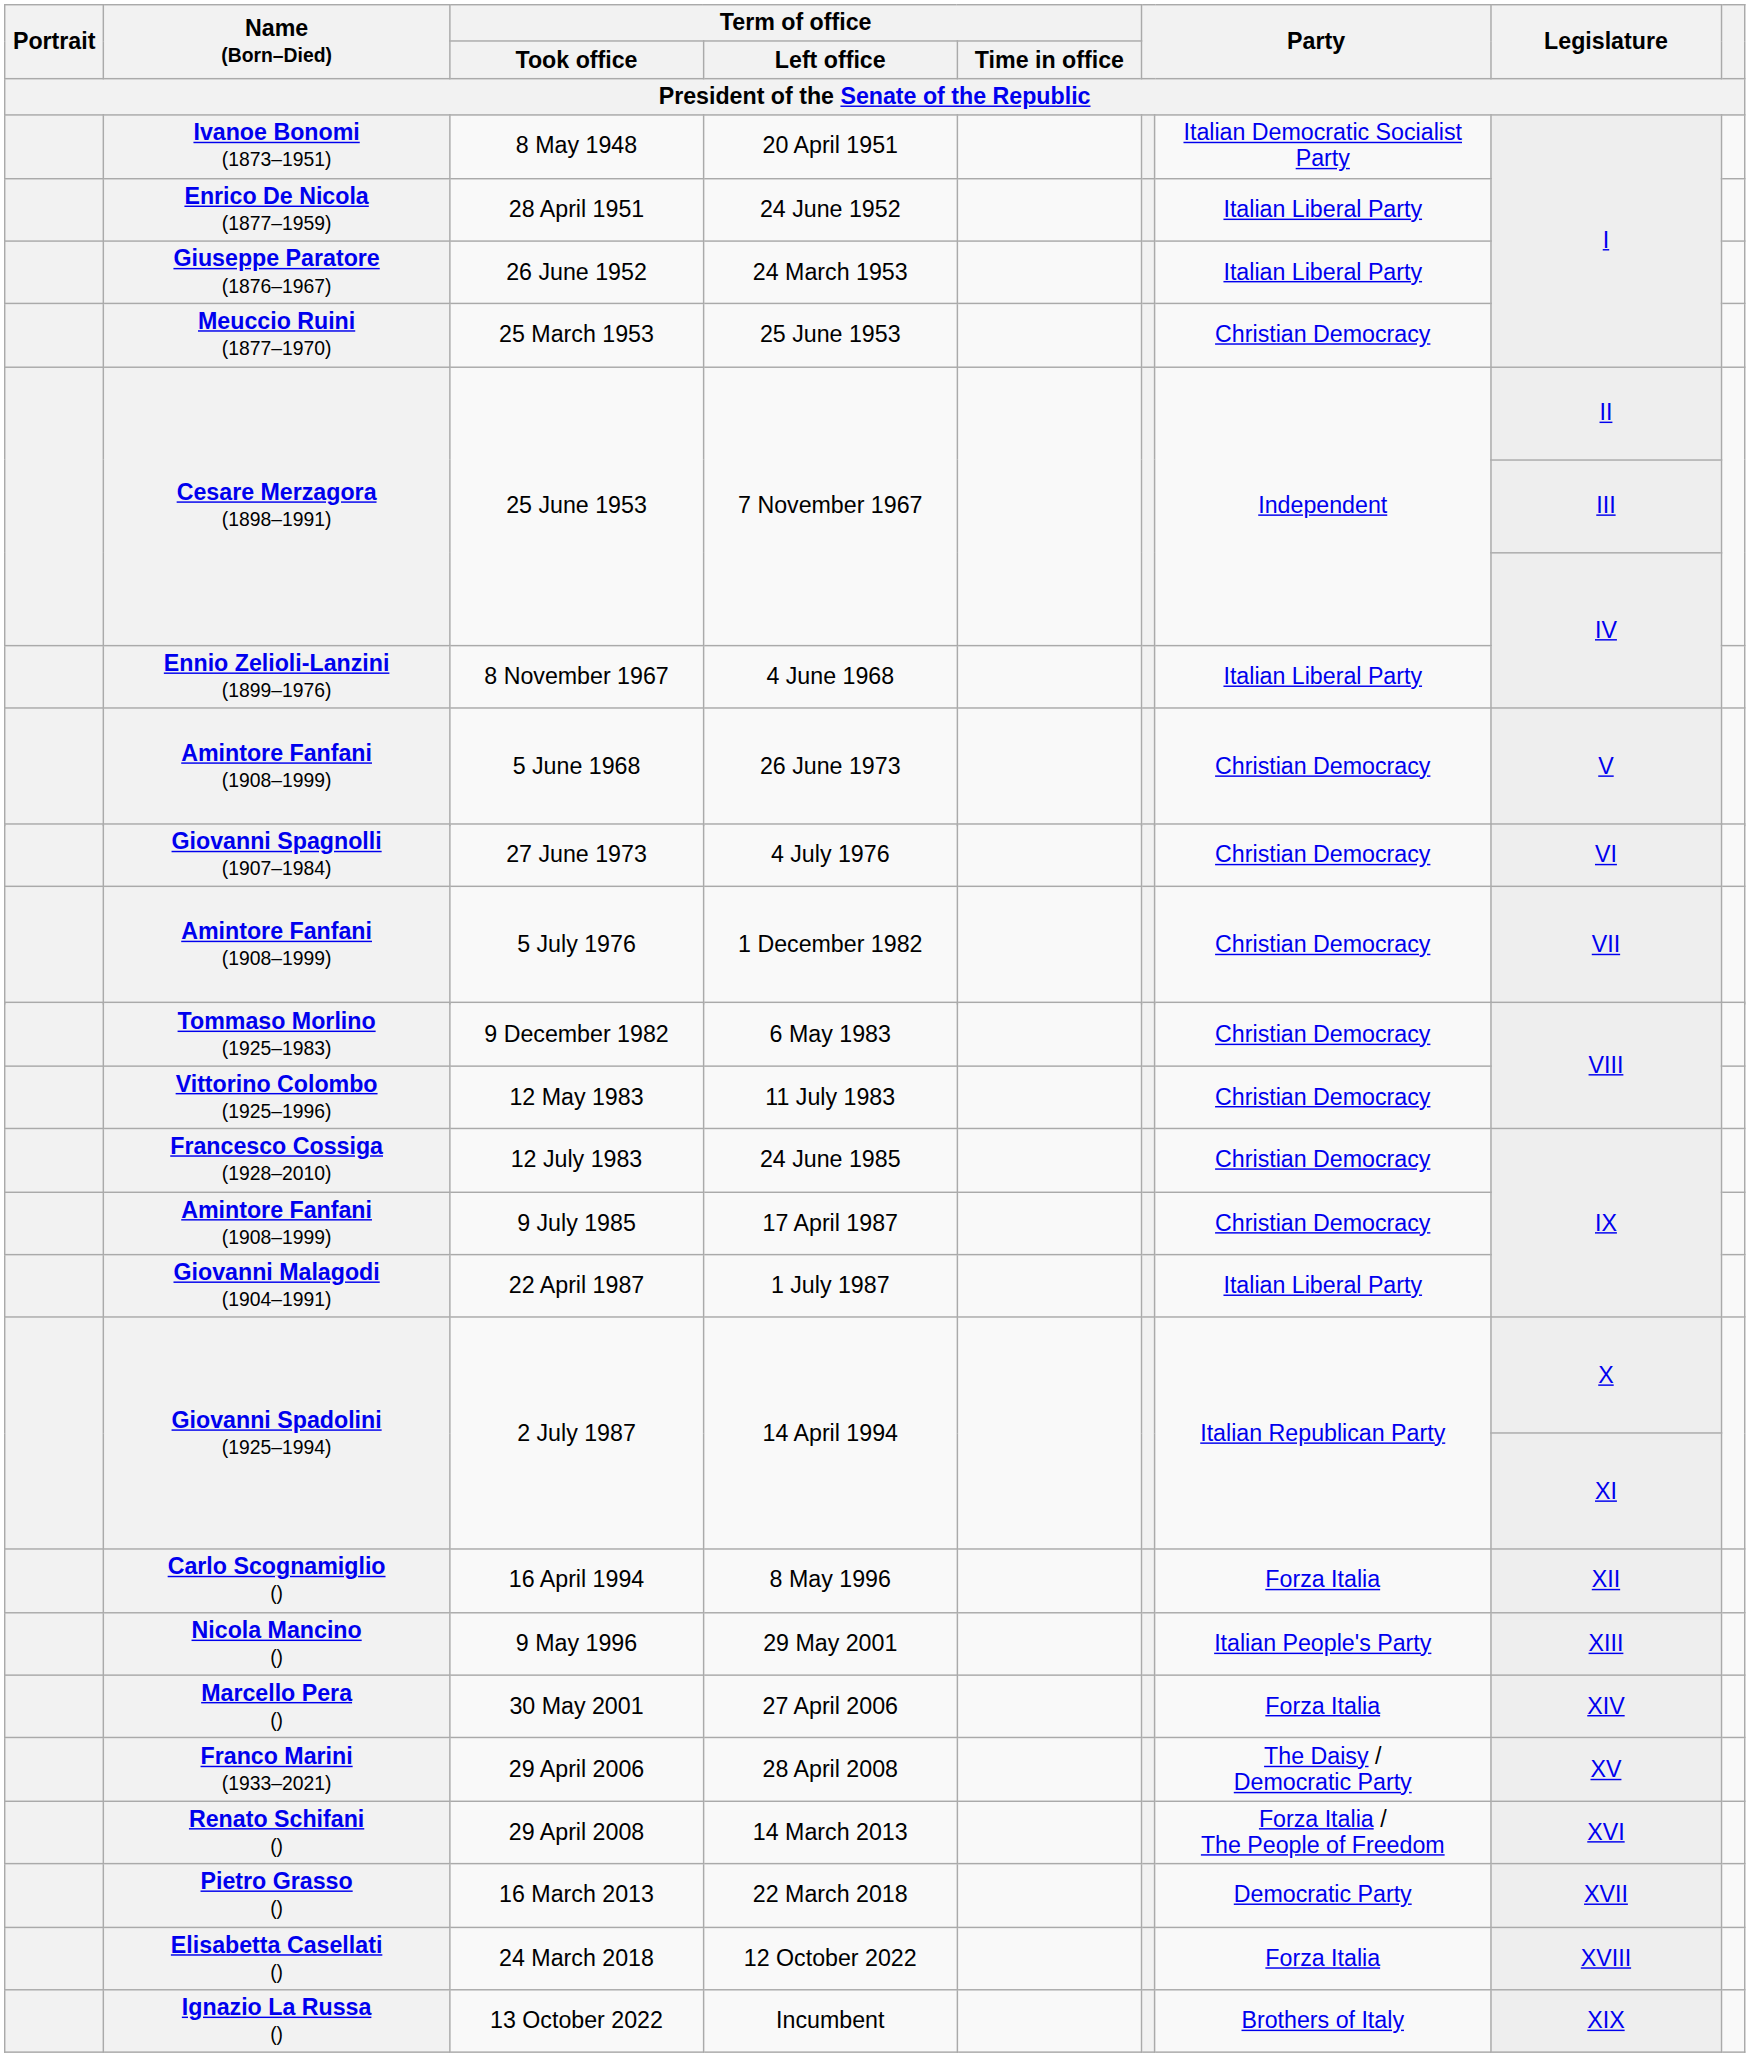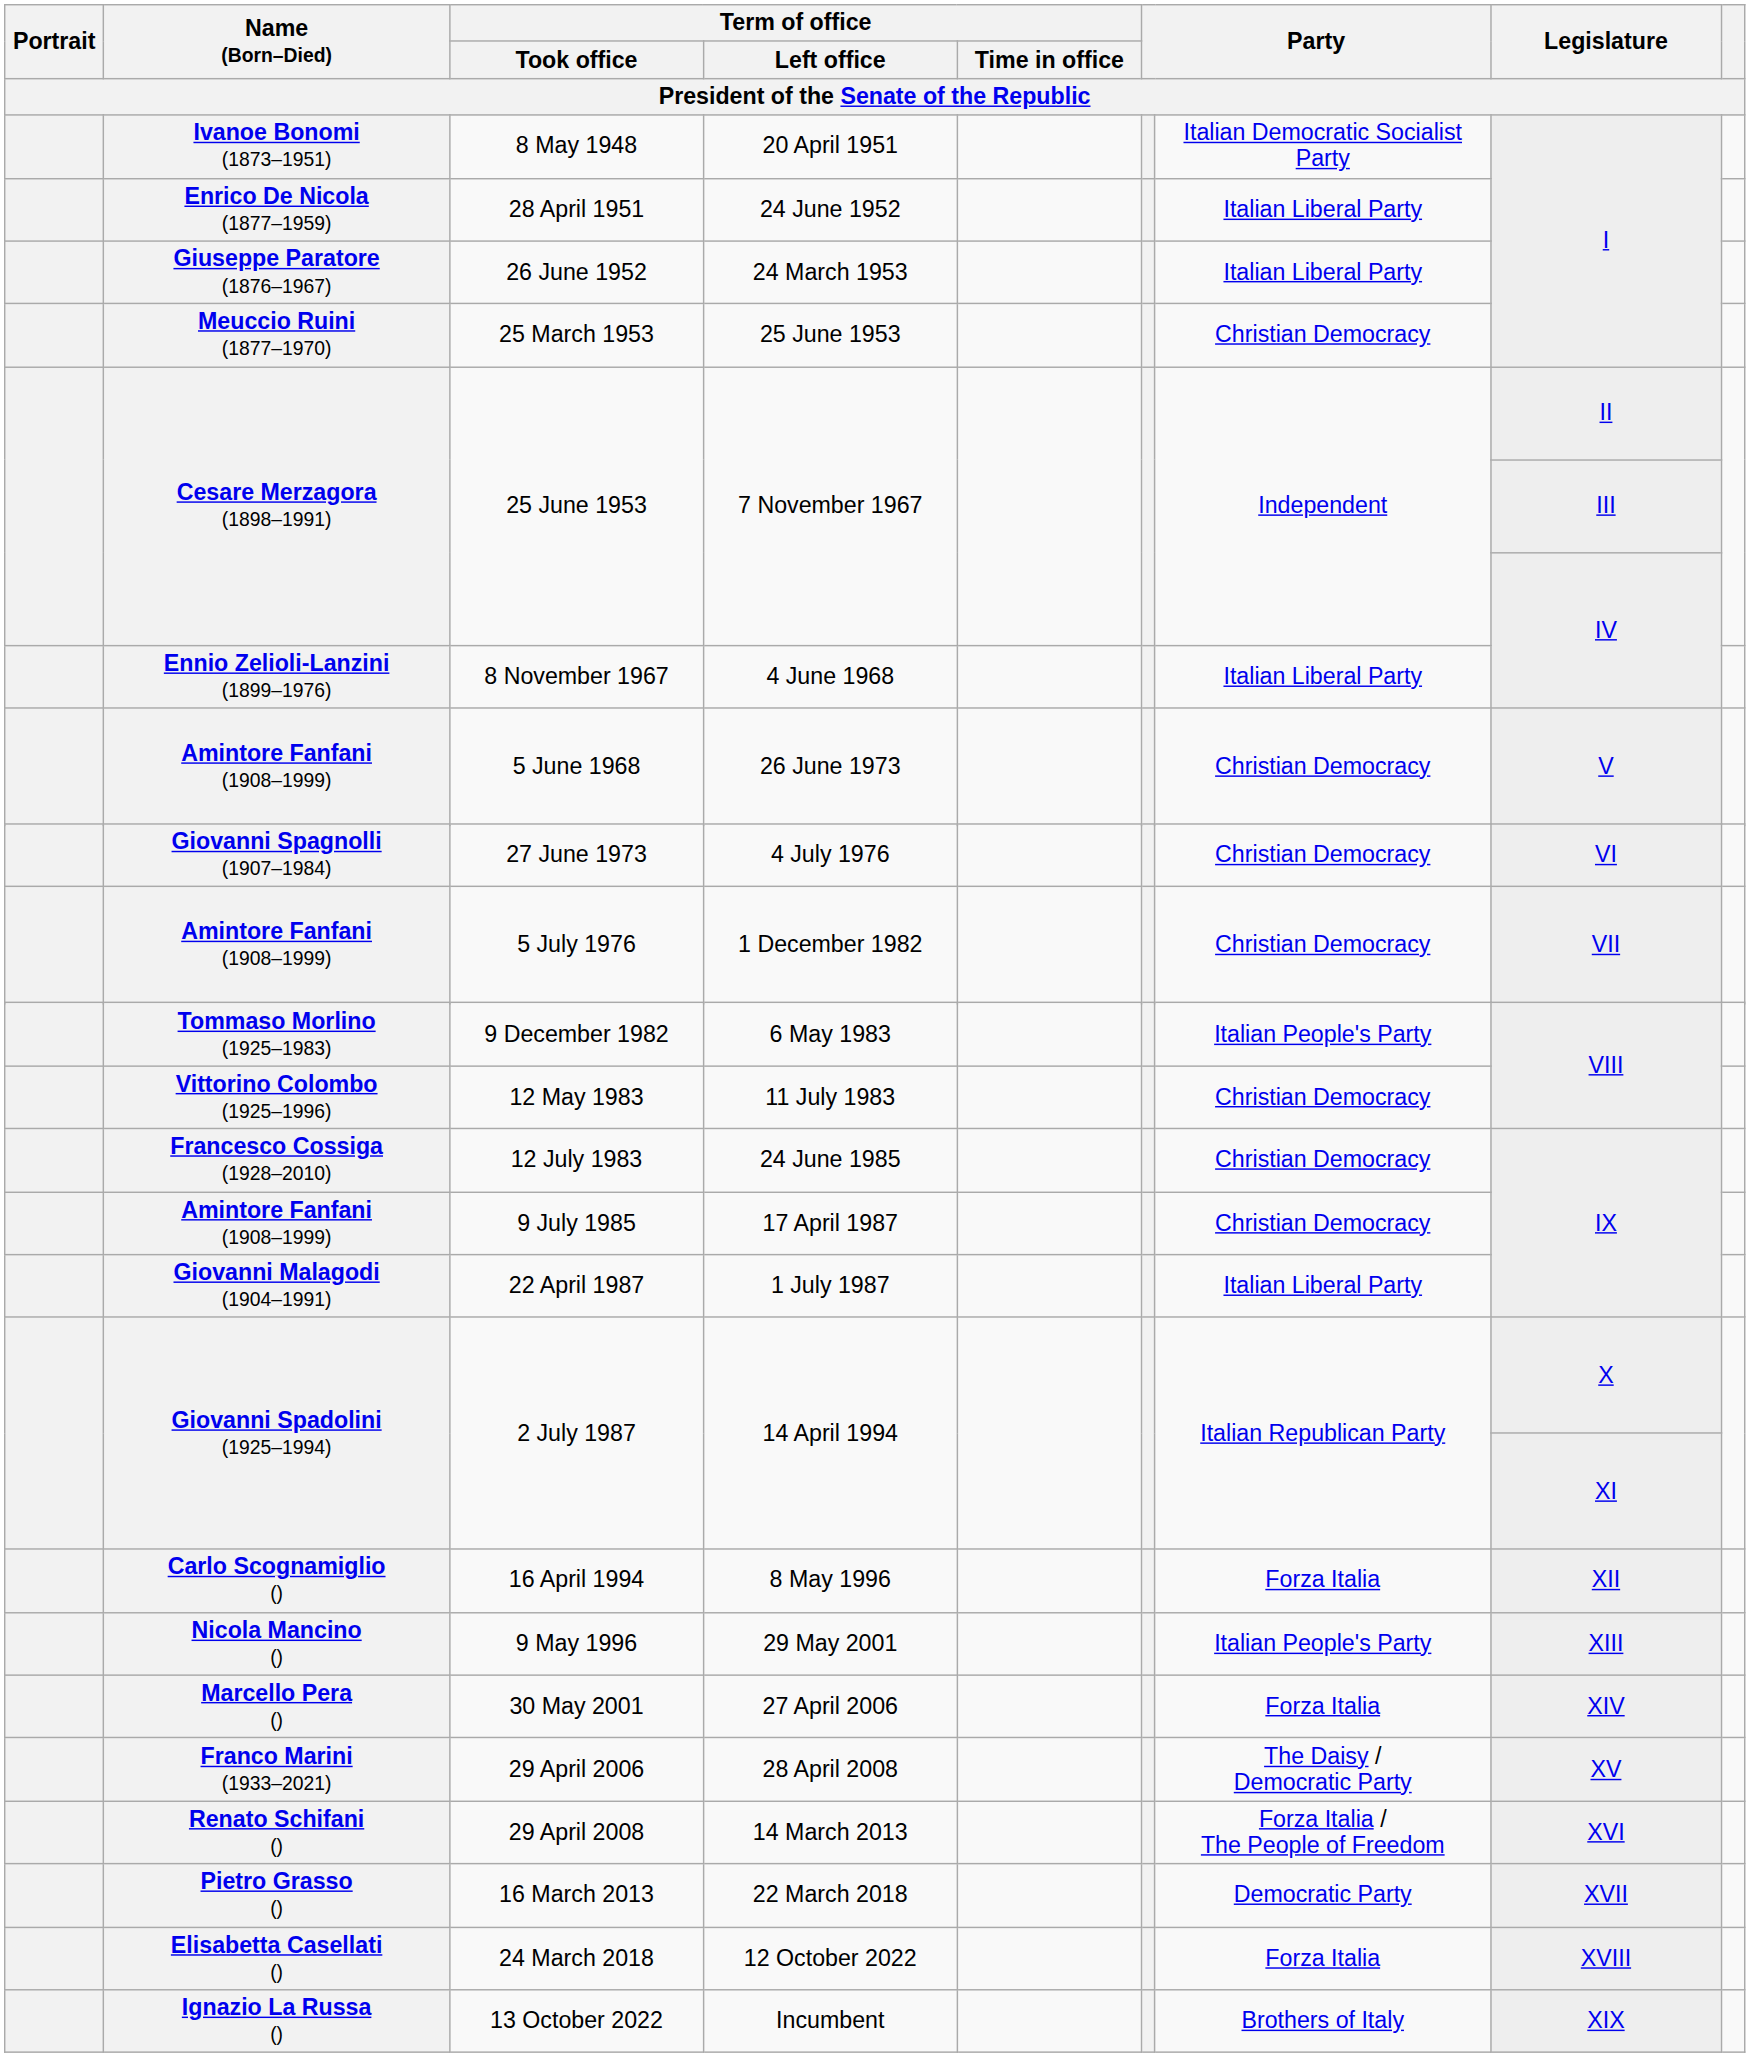 <table class="wikitable" style="text-align:center; style="width=95%">
 <tr>
 <th width=1% rowspan=2>Portrait</th>
 <th width=15% rowspan=2>Name<br><small>(Born–Died)</small></th>
 <th width=30% colspan=3>Term of office</th>
 <th width=15% rowspan=2 colspan=2>Party</th>
 <th width=10% rowspan=2>Legislature</th>
 <th width=1% rowspan=2></th>
 </tr>
 <tr style="text-align:center;">
 <th width=11%>Took office</th>
 <th width=11%>Left office</th>
 <th width=8%>Time in office</th>
 </tr>
 <tr>
 <th colspan=9>President of the <a href='#'>Senate of the Republic</a></th>
 </tr>
 <tr>
 <th></th>
 <th scope="row" style="font-weight:normal"><strong><a href='#'>Ivanoe Bonomi</a></strong><br><small>(1873–1951)</small></th>
 <td>8 May 1948</td>
 <td>20 April 1951</td>
 <td></td>
 <th style="background:"></th>
 <td><a href='#'>Italian Democratic Socialist Party</a></td>
 <td rowspan=4 bgcolor=#EEEEEE><a href='#'>I<br></a></td>
 <td></td>
 </tr>
 <tr>
 <th></th>
 <th scope="row" style="font-weight:normal"><strong><a href='#'>Enrico De Nicola</a></strong><br><small>(1877–1959)</small></th>
 <td>28 April 1951</td>
 <td>24 June 1952</td>
 <td></td>
 <th style="background:"></th>
 <td><a href='#'>Italian Liberal Party</a></td>
 <td></td>
 </tr>
 <tr>
 <th></th>
 <th scope="row" style="font-weight:normal"><strong><a href='#'>Giuseppe Paratore</a></strong><br><small>(1876–1967)</small></th>
 <td>26 June 1952</td>
 <td>24 March 1953</td>
 <td></td>
 <th style="background:"></th>
 <td><a href='#'>Italian Liberal Party</a></td>
 <td></td>
 </tr>
 <tr>
 <th></th>
 <th scope="row" style="font-weight:normal"><strong><a href='#'>Meuccio Ruini</a></strong><br><small>(1877–1970)</small></th>
 <td>25 March 1953</td>
 <td>25 June 1953</td>
 <td></td>
 <th style="background:"></th>
 <td><a href='#'>Christian Democracy</a></td>
 <td></td>
 </tr>
 <tr style="height:4em;">
 <th rowspan=3></th>
 <th scope="row" style="font-weight:normal" rowspan=3><strong><a href='#'>Cesare Merzagora</a></strong><br><small>(1898–1991)</small></th>
 <td rowspan=3>25 June 1953</td>
 <td rowspan=3>7 November 1967</td>
 <td rowspan=3></td>
 <th rowspan=3 style="background:"></th>
 <td rowspan=3><a href='#'>Independent</a></td>
 <td bgcolor=#EEEEEE><a href='#'>II<br></a></td>
 <td rowspan=3></td>
 </tr>
 <tr style="height:4em;">
 <td bgcolor=#EEEEEE><a href='#'>III<br></a></td>
 </tr>
 <tr style="height:4em;">
 <td rowspan=2 bgcolor=#EEEEEE><a href='#'>IV<br></a></td>
 </tr>
 <tr>
 <th></th>
 <th scope="row" style="font-weight:normal"><strong><a href='#'>Ennio Zelioli-Lanzini</a></strong><br><small>(1899–1976)</small></th>
 <td>8 November 1967</td>
 <td>4 June 1968</td>
 <td></td>
 <th style="background:"></th>
 <td><a href='#'>Italian Liberal Party</a></td>
 <td></td>
 </tr>
 <tr style="height:5em;">
 <th rowspan=2></th>
 <th scope="row" style="font-weight:normal" rowspan=2><strong><a href='#'>Amintore Fanfani</a></strong><br><small>(1908–1999)</small></th>
 <td rowspan=2>5 June 1968</td>
 <td rowspan=2>26 June 1973</td>
 <td rowspan=2></td>
 <th rowspan=2 style="background:"></th>
 <td rowspan=2><a href='#'>Christian Democracy</a></td>
 <td bgcolor=#EEEEEE><a href='#'>V<br></a></td>
 <td rowspan=2></td>
 </tr>
 <tr>
 <td rowspan=2 bgcolor=#EEEEEE><a href='#'>VI<br></a></td>
 </tr>
 <tr>
 <th></th>
 <th scope="row" style="font-weight:normal"><strong><a href='#'>Giovanni Spagnolli</a></strong><br><small>(1907–1984)</small></th>
 <td>27 June 1973</td>
 <td>4 July 1976</td>
 <td></td>
 <th style="background:"></th>
 <td><a href='#'>Christian Democracy</a></td>
 <td></td>
 </tr>
 <tr style="height:5em;">
 <th rowspan=2></th>
 <th scope="row" style="font-weight:normal" rowspan=2><strong><a href='#'>Amintore Fanfani</a></strong><br><small>(1908–1999)</small></th>
 <td rowspan=2>5 July 1976</td>
 <td rowspan=2>1 December 1982</td>
 <td rowspan=2></td>
 <th rowspan=2 style="background:"></th>
 <td rowspan=2><a href='#'>Christian Democracy</a></td>
 <td bgcolor=#EEEEEE><a href='#'>VII<br></a></td>
 <td rowspan=2></td>
 </tr>
 <tr>
 <td rowspan=3 bgcolor=#EEEEEE><a href='#'>VIII<br></a></td>
 </tr>
 <tr>
 <th></th>
 <th scope="row" style="font-weight:normal"><strong><a href='#'>Tommaso Morlino</a></strong><br><small>(1925–1983)</small></th>
 <td>9 December 1982</td>
 <td>6 May 1983</td>
 <td></td>
 <th style="background:"></th>
-<td><a href='#'>Christian Democracy</a></td>
+<td><a href='#'>Italian People's Party</a></td>
 <td></td>
 </tr>
 <tr>
 <th></th>
 <th scope="row" style="font-weight:normal"><strong><a href='#'>Vittorino Colombo</a></strong><br><small>(1925–1996)</small></th>
 <td>12 May 1983</td>
 <td>11 July 1983</td>
 <td></td>
 <th style="background:"></th>
 <td><a href='#'>Christian Democracy</a></td>
 <td></td>
 </tr>
 <tr>
 <th></th>
 <th scope="row" style="font-weight:normal"><strong><a href='#'>Francesco Cossiga</a></strong><br><small>(1928–2010)</small></th>
 <td>12 July 1983</td>
 <td>24 June 1985</td>
 <td></td>
 <th style="background:"></th>
 <td><a href='#'>Christian Democracy</a></td>
 <td rowspan=3 bgcolor=#EEEEEE><a href='#'>IX<br></a></td>
 <td></td>
 </tr>
 <tr>
 <th></th>
 <th scope="row" style="font-weight:normal"><strong><a href='#'>Amintore Fanfani</a></strong><br><small>(1908–1999)</small></th>
 <td>9 July 1985</td>
 <td>17 April 1987</td>
 <td></td>
 <th style="background:"></th>
 <td><a href='#'>Christian Democracy</a></td>
 <td></td>
 </tr>
 <tr>
 <th></th>
 <th scope="row" style="font-weight:normal"><strong><a href='#'>Giovanni Malagodi</a></strong><br><small>(1904–1991)</small></th>
 <td>22 April 1987</td>
 <td>1 July 1987</td>
 <td></td>
 <th style="background:"></th>
 <td><a href='#'>Italian Liberal Party</a></td>
 <td></td>
 </tr>
 <tr style="height:5em;">
 <th rowspan=2></th>
 <th scope="row" style="font-weight:normal" rowspan=2><strong><a href='#'>Giovanni Spadolini</a></strong><br><small>(1925–1994)</small></th>
 <td rowspan=2>2 July 1987</td>
 <td rowspan=2>14 April 1994</td>
 <td rowspan=2></td>
 <th rowspan=2 style="background:"></th>
 <td rowspan=2><a href='#'>Italian Republican Party</a></td>
 <td bgcolor=#EEEEEE><a href='#'>X<br></a></td>
 <td rowspan=2></td>
 </tr>
 <tr style="height:5em;">
 <td bgcolor=#EEEEEE><a href='#'>XI<br></a></td>
 </tr>
 <tr>
 <th></th>
 <th scope="row" style="font-weight:normal"><strong><a href='#'>Carlo Scognamiglio</a></strong><br><small>()</small></th>
 <td>16 April 1994</td>
 <td>8 May 1996</td>
 <td></td>
 <th style="background:"></th>
 <td><a href='#'>Forza Italia</a></td>
 <td bgcolor=#EEEEEE><a href='#'>XII<br></a></td>
 <td></td>
 </tr>
 <tr>
 <th></th>
 <th scope="row" style="font-weight:normal"><strong><a href='#'>Nicola Mancino</a></strong><br><small>()</small></th>
 <td>9 May 1996</td>
 <td>29 May 2001</td>
 <td></td>
 <th style="background:"></th>
 <td><a href='#'>Italian People's Party</a></td>
 <td bgcolor=#EEEEEE><a href='#'>XIII<br></a></td>
 <td></td>
 </tr>
 <tr>
 <th></th>
 <th scope="row" style="font-weight:normal"><strong><a href='#'>Marcello Pera</a></strong><br><small>()</small></th>
 <td>30 May 2001</td>
 <td>27 April 2006</td>
 <td></td>
 <th style="background:"></th>
 <td><a href='#'>Forza Italia</a></td>
 <td bgcolor=#EEEEEE><a href='#'>XIV<br></a></td>
 <td></td>
 </tr>
 <tr>
 <th></th>
 <th scope="row" style="font-weight:normal"><strong><a href='#'>Franco Marini</a></strong><br><small>(1933–2021)</small></th>
 <td>29 April 2006</td>
 <td>28 April 2008</td>
 <td></td>
 <th style="background:"></th>
 <td><a href='#'>The Daisy</a> /<br><a href='#'>Democratic Party</a></td>
 <td bgcolor=#EEEEEE><a href='#'>XV<br></a></td>
 <td></td>
 </tr>
 <tr>
 <th></th>
 <th scope="row" style="font-weight:normal"><strong><a href='#'>Renato Schifani</a></strong><br><small>()</small></th>
 <td>29 April 2008</td>
 <td>14 March 2013</td>
 <td></td>
 <th style="background:"></th>
 <td><a href='#'>Forza Italia</a> /<br><a href='#'>The People of Freedom</a></td>
 <td bgcolor=#EEEEEE><a href='#'>XVI<br></a></td>
 <td></td>
 </tr>
 <tr>
 <th></th>
 <th scope="row" style="font-weight:normal"><strong><a href='#'>Pietro Grasso</a></strong><br><small>()</small></th>
 <td>16 March 2013</td>
 <td>22 March 2018</td>
 <td></td>
 <th style="background:"></th>
 <td><a href='#'>Democratic Party</a></td>
 <td bgcolor=#EEEEEE><a href='#'>XVII<br></a></td>
 <td></td>
 </tr>
 <tr>
 <th></th>
 <th scope="row" style="font-weight:normal"><strong><a href='#'>Elisabetta Casellati</a></strong><br><small>()</small></th>
 <td>24 March 2018</td>
 <td>12 October 2022</td>
 <td></td>
 <th style="background:"></th>
 <td><a href='#'>Forza Italia</a></td>
 <td bgcolor=#EEEEEE><a href='#'>XVIII<br></a></td>
 <td></td>
 </tr>
 <tr>
 <th></th>
 <th scope="row" style="font-weight:normal"><strong><a href='#'>Ignazio La Russa</a></strong><br><small>()</small></th>
 <td>13 October 2022</td>
 <td>Incumbent</td>
 <td></td>
 <th style="background:"></th>
 <td><a href='#'>Brothers of Italy</a></td>
 <td bgcolor=#EEEEEE><a href='#'>XIX<br></a></td>
 <td></td>
 </tr>
 </table>
